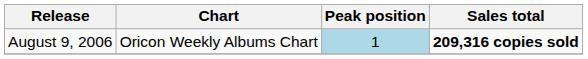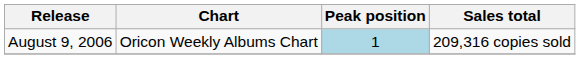 <table class="wikitable">
 <tr>
 <th>Release</th>
 <th>Chart</th>
 <th>Peak position</th>
 <th>Sales total</th>
 </tr>
 <tr>
 <td>August 9, 2006</td>
 <td>Oricon Weekly Albums Chart</td>
 <td align="center" style="background: lightblue;">1</td>
-<td><strong>209,316 copies sold</strong></td>
+<td>209,316 copies sold</td>
 </tr>
 <tr>
 </tr>
 </table>
